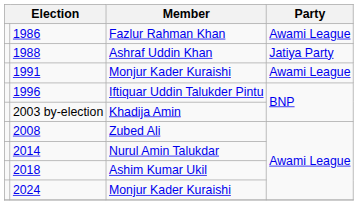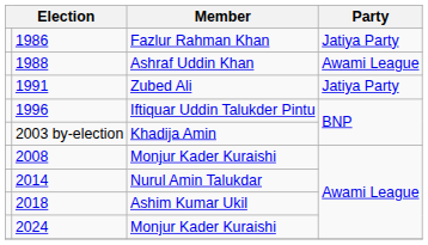 <table class="wikitable">
 <tr>
 <th colspan="2">Election</th>
 <th>Member</th>
 <th>Party</th>
 </tr>
 <tr>
 <td style="background-color:"></td>
 <td><a href='#'>1986</a></td>
 <td><a href='#'>Fazlur Rahman Khan</a></td>
-<td><a href='#'>Awami League</a></td>
+<td><a href='#'>Jatiya Party</a></td>
 </tr>
 <tr>
 <td style="background-color:"></td>
 <td><a href='#'>1988</a></td>
 <td><a href='#'>Ashraf Uddin Khan</a></td>
-<td><a href='#'>Jatiya Party</a></td>
+<td><a href='#'>Awami League</a></td>
 </tr>
 <tr>
 <td style="background-color:"></td>
 <td><a href='#'>1991</a></td>
-<td><a href='#'>Monjur Kader Kuraishi</a></td>
-<td><a href='#'>Awami League</a></td>
+<td><a href='#'>Zubed Ali</a></td>
+<td><a href='#'>Jatiya Party</a></td>
 </tr>
 <tr>
 <td style="background-color:"></td>
 <td><a href='#'>1996</a></td>
 <td><a href='#'>Iftiquar Uddin Talukder Pintu</a></td>
 <td rowspan="2"><a href='#'>BNP</a></td>
 </tr>
 <tr>
 <td style="background-color:"></td>
 <td>2003 by-election</td>
 <td><a href='#'>Khadija Amin</a></td>
 </tr>
 <tr>
 <td style="background-color:"></td>
 <td><a href='#'>2008</a></td>
-<td><a href='#'>Zubed Ali</a></td>
+<td><a href='#'>Monjur Kader Kuraishi</a></td>
 <td rowspan="4"><a href='#'>Awami League</a></td>
 </tr>
 <tr>
 <td style="background-color:"></td>
 <td><a href='#'>2014</a></td>
 <td><a href='#'>Nurul Amin Talukdar</a></td>
 </tr>
 <tr>
 <td style="background-color:"></td>
 <td><a href='#'>2018</a></td>
 <td><a href='#'>Ashim Kumar Ukil</a></td>
 </tr>
 <tr>
 <td style="background-color:"></td>
 <td><a href='#'>2024</a></td>
 <td><a href='#'>Monjur Kader Kuraishi</a></td>
 </tr>
 <tr>
 </tr>
 </table>
